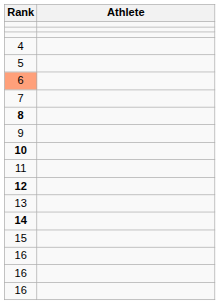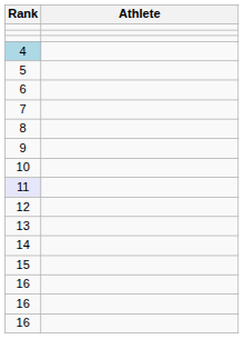 <table class="wikitable" style="text-align: center;">
 <tr>
 <th width=40>Rank</th>
 <th width=250>Athlete</th>
 </tr>
 <tr>
 <td></td>
 <td align="left"></td>
 </tr>
 <tr>
 <td></td>
 <td align="left"></td>
 </tr>
 <tr>
 <td></td>
 <td align="left"></td>
 </tr>
 <tr>
-<td>4</td>
+<td style="background: lightblue;">4</td>
 <td align="left"></td>
 </tr>
 <tr>
 <td>5</td>
 <td align="left"></td>
 </tr>
 <tr>
-<td style="background: lightsalmon;">6</td>
+<td>6</td>
 <td align="left"></td>
 </tr>
 <tr>
 <td>7</td>
 <td align="left"></td>
 </tr>
 <tr>
-<td><strong>8</strong></td>
+<td>8</td>
 <td align="left"></td>
 </tr>
 <tr>
 <td>9</td>
 <td align="left"></td>
 </tr>
 <tr>
-<td><strong>10</strong></td>
+<td>10</td>
 <td align="left"></td>
 </tr>
 <tr>
-<td>11</td>
+<td style="background: lavender;">11</td>
 <td align="left"></td>
 </tr>
 <tr>
-<td><strong>12</strong></td>
+<td>12</td>
 <td align="left"></td>
 </tr>
 <tr>
 <td>13</td>
 <td align="left"></td>
 </tr>
 <tr>
-<td><strong>14</strong></td>
+<td>14</td>
 <td align="left"></td>
 </tr>
 <tr>
 <td>15</td>
 <td align="left"></td>
 </tr>
 <tr>
 <td>16</td>
 <td align="left"></td>
 </tr>
 <tr>
 <td>16</td>
 <td align="left"></td>
 </tr>
 <tr>
 <td>16</td>
 <td align="left"></td>
 </tr>
 </table>
